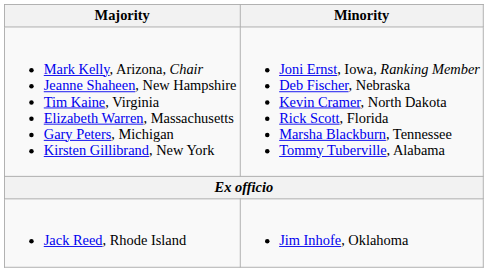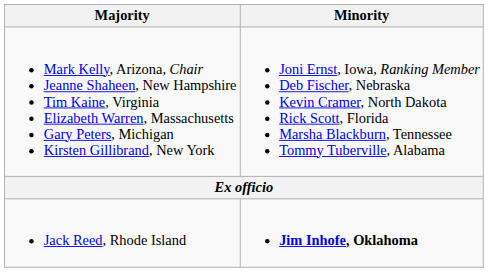 <table class=wikitable>
 <tr>
 <th>Majority</th>
 <th>Minority</th>
 </tr>
 <tr>
 <td><br><ul><li><a href='#'>Mark Kelly</a>, Arizona, <em>Chair</em></li><li><a href='#'>Jeanne Shaheen</a>, New Hampshire</li><li><a href='#'>Tim Kaine</a>, Virginia</li><li><a href='#'>Elizabeth Warren</a>, Massachusetts</li><li><a href='#'>Gary Peters</a>, Michigan</li><li><a href='#'>Kirsten Gillibrand</a>, New York</li></ul></td>
 <td><br><ul><li><a href='#'>Joni Ernst</a>, Iowa, <em>Ranking Member</em></li><li><a href='#'>Deb Fischer</a>, Nebraska</li><li><a href='#'>Kevin Cramer</a>, North Dakota</li><li><a href='#'>Rick Scott</a>, Florida</li><li><a href='#'>Marsha Blackburn</a>, Tennessee</li><li><a href='#'>Tommy Tuberville</a>, Alabama</li></ul></td>
 </tr>
 <tr>
 <th colspan=2><em>Ex officio</em></th>
 </tr>
 <tr>
 <td><br><ul><li><a href='#'>Jack Reed</a>, Rhode Island</li></ul></td>
-<td><br><ul><li><a href='#'>Jim Inhofe</a>, Oklahoma</li></ul></td>
+<td><strong><br><ul><li><a href='#'>Jim Inhofe</a>, Oklahoma</li></ul></strong></td>
 </tr>
 </table>
